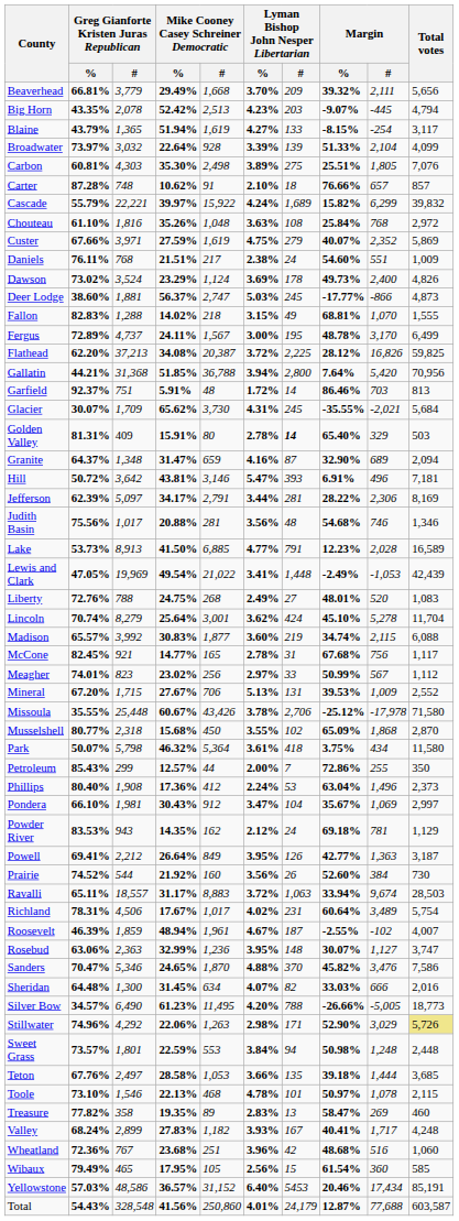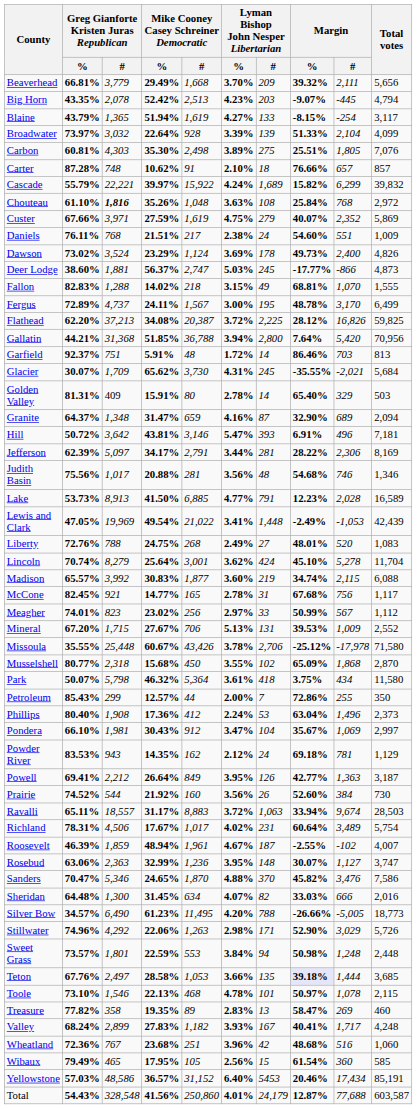 <table class="wikitable sortable">
 <tr>
 <th rowspan="2">County</th>
 <th colspan="2">Greg Gianforte<br>Kristen Juras <em>Republican</em></th>
 <th colspan="2">Mike Cooney<br>Casey Schreiner <em>Democratic</em></th>
 <th colspan="2">Lyman Bishop<br>John Nesper <em>Libertarian</em></th>
 <th colspan="2">Margin</th>
 <th rowspan="2">Total<br>votes</th>
 </tr>
 <tr>
 <th>%</th>
 <th>#</th>
 <th>%</th>
 <th>#</th>
 <th>%</th>
 <th>#</th>
 <th>%</th>
 <th>#</th>
 </tr>
 <tr>
 <td><a href='#'>Beaverhead</a></td>
 <td><strong>66.81%</strong></td>
 <td><em>3,779</em></td>
 <td><strong>29.49%</strong></td>
 <td><em>1,668</em></td>
 <td><strong>3.70%</strong></td>
 <td><em>209</em></td>
 <td><strong>39.32%</strong></td>
 <td><em>2,111</em></td>
 <td>5,656</td>
 </tr>
 <tr>
 <td><a href='#'>Big Horn</a></td>
 <td><strong>43.35%</strong></td>
 <td><em>2,078</em></td>
 <td><strong>52.42%</strong></td>
 <td><em>2,513</em></td>
 <td><strong>4.23%</strong></td>
 <td><em>203</em></td>
 <td><strong>-9.07%</strong></td>
 <td><em>-445</em></td>
 <td>4,794</td>
 </tr>
 <tr>
 <td><a href='#'>Blaine</a></td>
 <td><strong>43.79%</strong></td>
 <td><em>1,365</em></td>
 <td><strong>51.94%</strong></td>
 <td><em>1,619</em></td>
 <td><strong>4.27%</strong></td>
 <td><em>133</em></td>
 <td><strong>-8.15%</strong></td>
 <td><em>-254</em></td>
 <td>3,117</td>
 </tr>
 <tr>
 <td><a href='#'>Broadwater</a></td>
 <td><strong>73.97%</strong></td>
 <td><em>3,032</em></td>
 <td><strong>22.64%</strong></td>
 <td><em>928</em></td>
 <td><strong>3.39%</strong></td>
 <td><em>139</em></td>
 <td><strong>51.33%</strong></td>
 <td><em>2,104</em></td>
 <td>4,099</td>
 </tr>
 <tr>
 <td><a href='#'>Carbon</a></td>
 <td><strong>60.81%</strong></td>
 <td><em>4,303</em></td>
 <td><strong>35.30%</strong></td>
 <td><em>2,498</em></td>
 <td><strong>3.89%</strong></td>
 <td><em>275</em></td>
 <td><strong>25.51%</strong></td>
 <td><em>1,805</em></td>
 <td>7,076</td>
 </tr>
 <tr>
 <td><a href='#'>Carter</a></td>
 <td><strong>87.28%</strong></td>
 <td><em>748</em></td>
 <td><strong>10.62%</strong></td>
 <td><em>91</em></td>
 <td><strong>2.10%</strong></td>
 <td><em>18</em></td>
 <td><strong>76.66%</strong></td>
 <td><em>657</em></td>
 <td>857</td>
 </tr>
 <tr>
 <td><a href='#'>Cascade</a></td>
 <td><strong>55.79%</strong></td>
 <td><em>22,221</em></td>
 <td><strong>39.97%</strong></td>
 <td><em>15,922</em></td>
 <td><strong>4.24%</strong></td>
 <td><em>1,689</em></td>
 <td><strong>15.82%</strong></td>
 <td><em>6,299</em></td>
 <td>39,832</td>
 </tr>
 <tr>
 <td><a href='#'>Chouteau</a></td>
 <td><strong>61.10%</strong></td>
-<td><em>1,816</em></td>
+<td><strong><em>1,816</em></strong></td>
 <td><strong>35.26%</strong></td>
 <td><em>1,048</em></td>
 <td><strong>3.63%</strong></td>
 <td><em>108</em></td>
 <td><strong>25.84%</strong></td>
 <td><em>768</em></td>
 <td>2,972</td>
 </tr>
 <tr>
 <td><a href='#'>Custer</a></td>
 <td><strong>67.66%</strong></td>
 <td><em>3,971</em></td>
 <td><strong>27.59%</strong></td>
 <td><em>1,619</em></td>
 <td><strong>4.75%</strong></td>
 <td><em>279</em></td>
 <td><strong>40.07%</strong></td>
 <td><em>2,352</em></td>
 <td>5,869</td>
 </tr>
 <tr>
 <td><a href='#'>Daniels</a></td>
 <td><strong>76.11%</strong></td>
 <td><em>768</em></td>
 <td><strong>21.51%</strong></td>
 <td><em>217</em></td>
 <td><strong>2.38%</strong></td>
 <td><em>24</em></td>
 <td><strong>54.60%</strong></td>
 <td><em>551</em></td>
 <td>1,009</td>
 </tr>
 <tr>
 <td><a href='#'>Dawson</a></td>
 <td><strong>73.02%</strong></td>
 <td><em>3,524</em></td>
 <td><strong>23.29%</strong></td>
 <td><em>1,124</em></td>
 <td><strong>3.69%</strong></td>
 <td><em>178</em></td>
 <td><strong>49.73%</strong></td>
 <td><em>2,400</em></td>
 <td>4,826</td>
 </tr>
 <tr>
 <td><a href='#'>Deer Lodge</a></td>
 <td><strong>38.60%</strong></td>
 <td><em>1,881</em></td>
 <td><strong>56.37%</strong></td>
 <td><em>2,747</em></td>
 <td><strong>5.03%</strong></td>
 <td><em>245</em></td>
 <td><strong>-17.77%</strong></td>
 <td><em>-866</em></td>
 <td>4,873</td>
 </tr>
 <tr>
 <td><a href='#'>Fallon</a></td>
 <td><strong>82.83%</strong></td>
 <td><em>1,288</em></td>
 <td><strong>14.02%</strong></td>
 <td><em>218</em></td>
 <td><strong>3.15%</strong></td>
 <td><em>49</em></td>
 <td><strong>68.81%</strong></td>
 <td><em>1,070</em></td>
 <td>1,555</td>
 </tr>
 <tr>
 <td><a href='#'>Fergus</a></td>
 <td><strong>72.89%</strong></td>
 <td><em>4,737</em></td>
 <td><strong>24.11%</strong></td>
 <td><em>1,567</em></td>
 <td><strong>3.00%</strong></td>
 <td><em>195</em></td>
 <td><strong>48.78%</strong></td>
 <td><em>3,170</em></td>
 <td>6,499</td>
 </tr>
 <tr>
 <td><a href='#'>Flathead</a></td>
 <td><strong>62.20%</strong></td>
 <td><em>37,213</em></td>
 <td><strong>34.08%</strong></td>
 <td><em>20,387</em></td>
 <td><strong>3.72%</strong></td>
 <td><em>2,225</em></td>
 <td><strong>28.12%</strong></td>
 <td><em>16,826</em></td>
 <td>59,825</td>
 </tr>
 <tr>
 <td><a href='#'>Gallatin</a></td>
 <td><strong>44.21%</strong></td>
 <td><em>31,368</em></td>
 <td><strong>51.85%</strong></td>
 <td><em>36,788</em></td>
 <td><strong>3.94%</strong></td>
 <td><em>2,800</em></td>
 <td><strong>7.64%</strong></td>
 <td><em>5,420</em></td>
 <td>70,956</td>
 </tr>
 <tr>
 <td><a href='#'>Garfield</a></td>
 <td><strong>92.37%</strong></td>
 <td><em>751</em></td>
 <td><strong>5.91%</strong></td>
 <td><em>48</em></td>
 <td><strong>1.72%</strong></td>
 <td><em>14</em></td>
 <td><strong>86.46%</strong></td>
 <td><em>703</em></td>
 <td>813</td>
 </tr>
 <tr>
 <td><a href='#'>Glacier</a></td>
 <td><strong>30.07%</strong></td>
 <td><em>1,709</em></td>
 <td><strong>65.62%</strong></td>
 <td><em>3,730</em></td>
 <td><strong>4.31%</strong></td>
 <td><em>245</em></td>
 <td><strong>-35.55%</strong></td>
 <td><em>-2,021</em></td>
 <td>5,684</td>
 </tr>
 <tr>
 <td><a href='#'>Golden Valley</a></td>
 <td><strong>81.31%</strong></td>
 <td>409</td>
 <td><strong>15.91%</strong></td>
 <td><em>80</em></td>
 <td><strong>2.78%</strong></td>
-<td><strong><em>14</em></strong></td>
+<td><em>14</em></td>
 <td><strong>65.40%</strong></td>
 <td><em>329</em></td>
 <td>503</td>
 </tr>
 <tr>
 <td><a href='#'>Granite</a></td>
 <td><strong>64.37%</strong></td>
 <td><em>1,348</em></td>
 <td><strong>31.47%</strong></td>
 <td><em>659</em></td>
 <td><strong>4.16%</strong></td>
 <td><em>87</em></td>
 <td><strong>32.90%</strong></td>
 <td><em>689</em></td>
 <td>2,094</td>
 </tr>
 <tr>
 <td><a href='#'>Hill</a></td>
 <td><strong>50.72%</strong></td>
 <td><em>3,642</em></td>
 <td><strong>43.81%</strong></td>
 <td><em>3,146</em></td>
 <td><strong>5.47%</strong></td>
 <td><em>393</em></td>
 <td><strong>6.91%</strong></td>
 <td><em>496</em></td>
 <td>7,181</td>
 </tr>
 <tr>
 <td><a href='#'>Jefferson</a></td>
 <td><strong>62.39%</strong></td>
 <td><em>5,097</em></td>
 <td><strong>34.17%</strong></td>
 <td><em>2,791</em></td>
 <td><strong>3.44%</strong></td>
 <td><em>281</em></td>
 <td><strong>28.22%</strong></td>
 <td><em>2,306</em></td>
 <td>8,169</td>
 </tr>
 <tr>
 <td><a href='#'>Judith Basin</a></td>
 <td><strong>75.56%</strong></td>
 <td><em>1,017</em></td>
 <td><strong>20.88%</strong></td>
 <td><em>281</em></td>
 <td><strong>3.56%</strong></td>
 <td><em>48</em></td>
 <td><strong>54.68%</strong></td>
 <td><em>746</em></td>
 <td>1,346</td>
 </tr>
 <tr>
 <td><a href='#'>Lake</a></td>
 <td><strong>53.73%</strong></td>
 <td><em>8,913</em></td>
 <td><strong>41.50%</strong></td>
 <td><em>6,885</em></td>
 <td><strong>4.77%</strong></td>
 <td><em>791</em></td>
 <td><strong>12.23%</strong></td>
 <td><em>2,028</em></td>
 <td>16,589</td>
 </tr>
 <tr>
 <td><a href='#'>Lewis and Clark</a></td>
 <td><strong>47.05%</strong></td>
 <td><em>19,969</em></td>
 <td><strong>49.54%</strong></td>
 <td><em>21,022</em></td>
 <td><strong>3.41%</strong></td>
 <td><em>1,448</em></td>
 <td><strong>-2.49%</strong></td>
 <td><em>-1,053</em></td>
 <td>42,439</td>
 </tr>
 <tr>
 <td><a href='#'>Liberty</a></td>
 <td><strong>72.76%</strong></td>
 <td><em>788</em></td>
 <td><strong>24.75%</strong></td>
 <td><em>268</em></td>
 <td><strong>2.49%</strong></td>
 <td><em>27</em></td>
 <td><strong>48.01%</strong></td>
 <td><em>520</em></td>
 <td>1,083</td>
 </tr>
 <tr>
 <td><a href='#'>Lincoln</a></td>
 <td><strong>70.74%</strong></td>
 <td><em>8,279</em></td>
 <td><strong>25.64%</strong></td>
 <td><em>3,001</em></td>
 <td><strong>3.62%</strong></td>
 <td><em>424</em></td>
 <td><strong>45.10%</strong></td>
 <td><em>5,278</em></td>
 <td>11,704</td>
 </tr>
 <tr>
 <td><a href='#'>Madison</a></td>
 <td><strong>65.57%</strong></td>
 <td><em>3,992</em></td>
 <td><strong>30.83%</strong></td>
 <td><em>1,877</em></td>
 <td><strong>3.60%</strong></td>
 <td><em>219</em></td>
 <td><strong>34.74%</strong></td>
 <td><em>2,115</em></td>
 <td>6,088</td>
 </tr>
 <tr>
 <td><a href='#'>McCone</a></td>
 <td><strong>82.45%</strong></td>
 <td><em>921</em></td>
 <td><strong>14.77%</strong></td>
 <td><em>165</em></td>
 <td><strong>2.78%</strong></td>
 <td><em>31</em></td>
 <td><strong>67.68%</strong></td>
 <td><em>756</em></td>
 <td>1,117</td>
 </tr>
 <tr>
 <td><a href='#'>Meagher</a></td>
 <td><strong>74.01%</strong></td>
 <td><em>823</em></td>
 <td><strong>23.02%</strong></td>
 <td><em>256</em></td>
 <td><strong>2.97%</strong></td>
 <td><em>33</em></td>
 <td><strong>50.99%</strong></td>
 <td><em>567</em></td>
 <td>1,112</td>
 </tr>
 <tr>
 <td><a href='#'>Mineral</a></td>
 <td><strong>67.20%</strong></td>
 <td><em>1,715</em></td>
 <td><strong>27.67%</strong></td>
 <td><em>706</em></td>
 <td><strong>5.13%</strong></td>
 <td><em>131</em></td>
 <td><strong>39.53%</strong></td>
 <td><em>1,009</em></td>
 <td>2,552</td>
 </tr>
 <tr>
 <td><a href='#'>Missoula</a></td>
 <td><strong>35.55%</strong></td>
 <td><em>25,448</em></td>
 <td><strong>60.67%</strong></td>
 <td><em>43,426</em></td>
 <td><strong>3.78%</strong></td>
 <td><em>2,706</em></td>
 <td><strong>-25.12%</strong></td>
 <td><em>-17,978</em></td>
 <td>71,580</td>
 </tr>
 <tr>
 <td><a href='#'>Musselshell</a></td>
 <td><strong>80.77%</strong></td>
 <td><em>2,318</em></td>
 <td><strong>15.68%</strong></td>
 <td><em>450</em></td>
 <td><strong>3.55%</strong></td>
 <td><em>102</em></td>
 <td><strong>65.09%</strong></td>
 <td><em>1,868</em></td>
 <td>2,870</td>
 </tr>
 <tr>
 <td><a href='#'>Park</a></td>
 <td><strong>50.07%</strong></td>
 <td><em>5,798</em></td>
 <td><strong>46.32%</strong></td>
 <td><em>5,364</em></td>
 <td><strong>3.61%</strong></td>
 <td><em>418</em></td>
 <td><strong>3.75%</strong></td>
 <td><em>434</em></td>
 <td>11,580</td>
 </tr>
 <tr>
 <td><a href='#'>Petroleum</a></td>
 <td><strong>85.43%</strong></td>
 <td><em>299</em></td>
 <td><strong>12.57%</strong></td>
 <td><em>44</em></td>
 <td><strong>2.00%</strong></td>
 <td><em>7</em></td>
 <td><strong>72.86%</strong></td>
 <td><em>255</em></td>
 <td>350</td>
 </tr>
 <tr>
 <td><a href='#'>Phillips</a></td>
 <td><strong>80.40%</strong></td>
 <td><em>1,908</em></td>
 <td><strong>17.36%</strong></td>
 <td><em>412</em></td>
 <td><strong>2.24%</strong></td>
 <td><em>53</em></td>
 <td><strong>63.04%</strong></td>
 <td><em>1,496</em></td>
 <td>2,373</td>
 </tr>
 <tr>
 <td><a href='#'>Pondera</a></td>
 <td><strong>66.10%</strong></td>
 <td><em>1,981</em></td>
 <td><strong>30.43%</strong></td>
 <td><em>912</em></td>
 <td><strong>3.47%</strong></td>
 <td><em>104</em></td>
 <td><strong>35.67%</strong></td>
 <td><em>1,069</em></td>
 <td>2,997</td>
 </tr>
 <tr>
 <td><a href='#'>Powder River</a></td>
 <td><strong>83.53%</strong></td>
 <td><em>943</em></td>
 <td><strong>14.35%</strong></td>
 <td><em>162</em></td>
 <td><strong>2.12%</strong></td>
 <td><em>24</em></td>
 <td><strong>69.18%</strong></td>
 <td><em>781</em></td>
 <td>1,129</td>
 </tr>
 <tr>
 <td><a href='#'>Powell</a></td>
 <td><strong>69.41%</strong></td>
 <td><em>2,212</em></td>
 <td><strong>26.64%</strong></td>
 <td><em>849</em></td>
 <td><strong>3.95%</strong></td>
 <td><em>126</em></td>
 <td><strong>42.77%</strong></td>
 <td><em>1,363</em></td>
 <td>3,187</td>
 </tr>
 <tr>
 <td><a href='#'>Prairie</a></td>
 <td><strong>74.52%</strong></td>
 <td><em>544</em></td>
 <td><strong>21.92%</strong></td>
 <td><em>160</em></td>
 <td><strong>3.56%</strong></td>
 <td><em>26</em></td>
 <td><strong>52.60%</strong></td>
 <td><em>384</em></td>
 <td>730</td>
 </tr>
 <tr>
 <td><a href='#'>Ravalli</a></td>
 <td><strong>65.11%</strong></td>
 <td><em>18,557</em></td>
 <td><strong>31.17%</strong></td>
 <td><em>8,883</em></td>
 <td><strong>3.72%</strong></td>
 <td><em>1,063</em></td>
 <td><strong>33.94%</strong></td>
 <td><em>9,674</em></td>
 <td>28,503</td>
 </tr>
 <tr>
 <td><a href='#'>Richland</a></td>
 <td><strong>78.31%</strong></td>
 <td><em>4,506</em></td>
 <td><strong>17.67%</strong></td>
 <td><em>1,017</em></td>
 <td><strong>4.02%</strong></td>
 <td><em>231</em></td>
 <td><strong>60.64%</strong></td>
 <td><em>3,489</em></td>
 <td>5,754</td>
 </tr>
 <tr>
 <td><a href='#'>Roosevelt</a></td>
 <td><strong>46.39%</strong></td>
 <td><em>1,859</em></td>
 <td><strong>48.94%</strong></td>
 <td><em>1,961</em></td>
 <td><strong>4.67%</strong></td>
 <td><em>187</em></td>
 <td><strong>-2.55%</strong></td>
 <td><em>-102</em></td>
 <td>4,007</td>
 </tr>
 <tr>
 <td><a href='#'>Rosebud</a></td>
 <td><strong>63.06%</strong></td>
 <td><em>2,363</em></td>
 <td><strong>32.99%</strong></td>
 <td><em>1,236</em></td>
 <td><strong>3.95%</strong></td>
 <td><em>148</em></td>
 <td><strong>30.07%</strong></td>
 <td><em>1,127</em></td>
 <td>3,747</td>
 </tr>
 <tr>
 <td><a href='#'>Sanders</a></td>
 <td><strong>70.47%</strong></td>
 <td><em>5,346</em></td>
 <td><strong>24.65%</strong></td>
 <td><em>1,870</em></td>
 <td><strong>4.88%</strong></td>
 <td><em>370</em></td>
 <td><strong>45.82%</strong></td>
 <td><em>3,476</em></td>
 <td>7,586</td>
 </tr>
 <tr>
 <td><a href='#'>Sheridan</a></td>
 <td><strong>64.48%</strong></td>
 <td><em>1,300</em></td>
 <td><strong>31.45%</strong></td>
 <td><em>634</em></td>
 <td><strong>4.07%</strong></td>
 <td><em>82</em></td>
 <td><strong>33.03%</strong></td>
 <td><em>666</em></td>
 <td>2,016</td>
 </tr>
 <tr>
 <td><a href='#'>Silver Bow</a></td>
 <td><strong>34.57%</strong></td>
 <td><em>6,490</em></td>
 <td><strong>61.23%</strong></td>
 <td><em>11,495</em></td>
 <td><strong>4.20%</strong></td>
 <td><em>788</em></td>
 <td><strong>-26.66%</strong></td>
 <td><em>-5,005</em></td>
 <td>18,773</td>
 </tr>
 <tr>
 <td><a href='#'>Stillwater</a></td>
 <td><strong>74.96%</strong></td>
 <td><em>4,292</em></td>
 <td><strong>22.06%</strong></td>
 <td><em>1,263</em></td>
 <td><strong>2.98%</strong></td>
 <td><em>171</em></td>
 <td><strong>52.90%</strong></td>
 <td><em>3,029</em></td>
-<td style="background: khaki;">5,726</td>
+<td>5,726</td>
 </tr>
 <tr>
 <td><a href='#'>Sweet Grass</a></td>
 <td><strong>73.57%</strong></td>
 <td><em>1,801</em></td>
 <td><strong>22.59%</strong></td>
 <td><em>553</em></td>
 <td><strong>3.84%</strong></td>
 <td><em>94</em></td>
 <td><strong>50.98%</strong></td>
 <td><em>1,248</em></td>
 <td>2,448</td>
 </tr>
 <tr>
 <td><a href='#'>Teton</a></td>
 <td><strong>67.76%</strong></td>
 <td><em>2,497</em></td>
 <td><strong>28.58%</strong></td>
 <td><em>1,053</em></td>
 <td><strong>3.66%</strong></td>
 <td><em>135</em></td>
-<td><strong>39.18%</strong></td>
+<td style="background: lavender;"><strong>39.18%</strong></td>
 <td><em>1,444</em></td>
 <td>3,685</td>
 </tr>
 <tr>
 <td><a href='#'>Toole</a></td>
 <td><strong>73.10%</strong></td>
 <td><em>1,546</em></td>
 <td><strong>22.13%</strong></td>
 <td><em>468</em></td>
 <td><strong>4.78%</strong></td>
 <td><em>101</em></td>
 <td><strong>50.97%</strong></td>
 <td><em>1,078</em></td>
 <td>2,115</td>
 </tr>
 <tr>
 <td><a href='#'>Treasure</a></td>
 <td><strong>77.82%</strong></td>
 <td><em>358</em></td>
 <td><strong>19.35%</strong></td>
 <td><em>89</em></td>
 <td><strong>2.83%</strong></td>
 <td><em>13</em></td>
 <td><strong>58.47%</strong></td>
 <td><em>269</em></td>
 <td>460</td>
 </tr>
 <tr>
 <td><a href='#'>Valley</a></td>
 <td><strong>68.24%</strong></td>
 <td><em>2,899</em></td>
 <td><strong>27.83%</strong></td>
 <td><em>1,182</em></td>
 <td><strong>3.93%</strong></td>
 <td><em>167</em></td>
 <td><strong>40.41%</strong></td>
 <td><em>1,717</em></td>
 <td>4,248</td>
 </tr>
 <tr>
 <td><a href='#'>Wheatland</a></td>
 <td><strong>72.36%</strong></td>
 <td><em>767</em></td>
 <td><strong>23.68%</strong></td>
 <td><em>251</em></td>
 <td><strong>3.96%</strong></td>
 <td><em>42</em></td>
 <td><strong>48.68%</strong></td>
 <td><em>516</em></td>
 <td>1,060</td>
 </tr>
 <tr>
 <td><a href='#'>Wibaux</a></td>
 <td><strong>79.49%</strong></td>
 <td><em>465</em></td>
 <td><strong>17.95%</strong></td>
 <td><em>105</em></td>
 <td><strong>2.56%</strong></td>
 <td><em>15</em></td>
 <td><strong>61.54%</strong></td>
 <td><em>360</em></td>
 <td>585</td>
 </tr>
 <tr>
 <td><a href='#'>Yellowstone</a></td>
 <td><strong>57.03%</strong></td>
 <td><em>48,586</em></td>
 <td><strong>36.57%</strong></td>
 <td><em>31,152</em></td>
 <td><strong>6.40%</strong></td>
 <td><em>5453</em></td>
 <td><strong>20.46%</strong></td>
 <td><em>17,434</em></td>
 <td>85,191</td>
 </tr>
 <tr>
 <td>Total</td>
 <td><strong>54.43%</strong></td>
 <td><em>328,548</em></td>
 <td><strong>41.56%</strong></td>
 <td><em>250,860</em></td>
 <td><strong>4.01%</strong></td>
 <td><em>24,179</em></td>
 <td><strong>12.87%</strong></td>
 <td><em>77,688</em></td>
 <td>603,587</td>
 </tr>
 </table>
